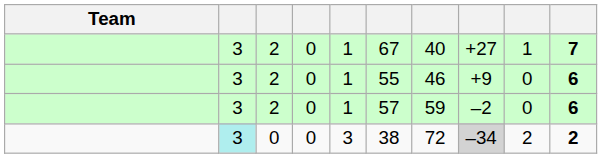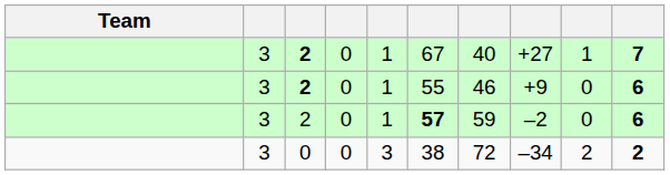 <table class="wikitable" style="text-align:center;">
 <tr>
 <th style="width:11.0em;">Team</th>
 <th style="width:1.5em;"></th>
 <th style="width:1.5em;"></th>
 <th style="width:1.5em;"></th>
 <th style="width:1.5em;"></th>
 <th style="width:2.0em;"></th>
 <th style="width:2.0em;"></th>
 <th style="width:2.0em;"></th>
 <th style="width:2.0em;"></th>
 <th style="width:2.0em;"></th>
 </tr>
 <tr bgcolor=#cfc>
 <td align="left"></td>
 <td>3</td>
-<td>2</td>
+<td><strong>2</strong></td>
 <td>0</td>
 <td>1</td>
 <td>67</td>
 <td>40</td>
 <td>+27</td>
 <td>1</td>
 <td><strong>7</strong></td>
 </tr>
 <tr bgcolor=#cfc>
 <td align="left"></td>
 <td>3</td>
-<td>2</td>
+<td><strong>2</strong></td>
 <td>0</td>
 <td>1</td>
 <td>55</td>
 <td>46</td>
 <td>+9</td>
 <td>0</td>
 <td><strong>6</strong></td>
 </tr>
 <tr bgcolor=#cfc>
 <td align="left"></td>
 <td>3</td>
 <td>2</td>
 <td>0</td>
 <td>1</td>
-<td>57</td>
+<td><strong>57</strong></td>
 <td>59</td>
 <td>–2</td>
 <td>0</td>
 <td><strong>6</strong></td>
 </tr>
 <tr>
 <td align="left"></td>
-<td style="background: paleturquoise;">3</td>
+<td>3</td>
 <td>0</td>
 <td>0</td>
 <td>3</td>
 <td>38</td>
 <td>72</td>
-<td style="background: lightgrey;">–34</td>
+<td>–34</td>
 <td>2</td>
 <td><strong>2</strong></td>
 </tr>
 </table>
